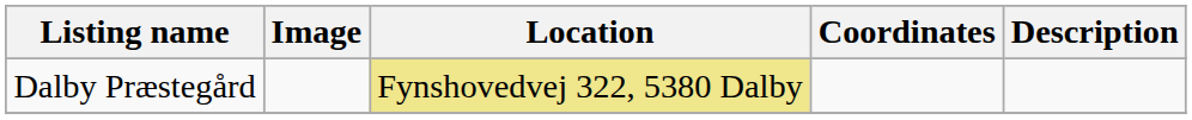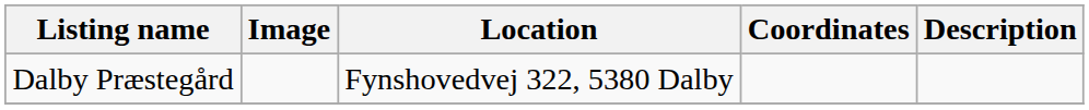 <table class="wikitable sortable">
 <tr>
 <th>Listing name</th>
 <th>Image</th>
 <th>Location</th>
 <th>Coordinates</th>
 <th>Description</th>
 </tr>
 <tr>
 <td>Dalby Præstegård</td>
 <td></td>
-<td style="background: khaki;">Fynshovedvej 322, 5380 Dalby</td>
+<td>Fynshovedvej 322, 5380 Dalby</td>
 <td></td>
 <td></td>
 </tr>
 <tr>
 </tr>
 </table>
